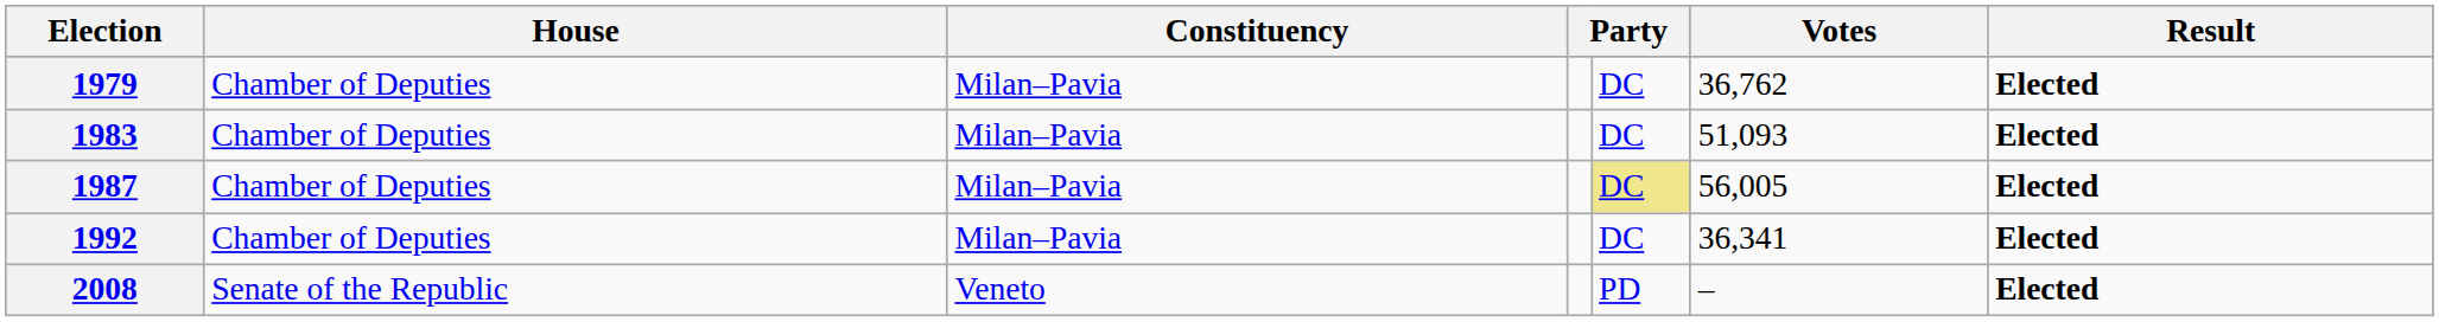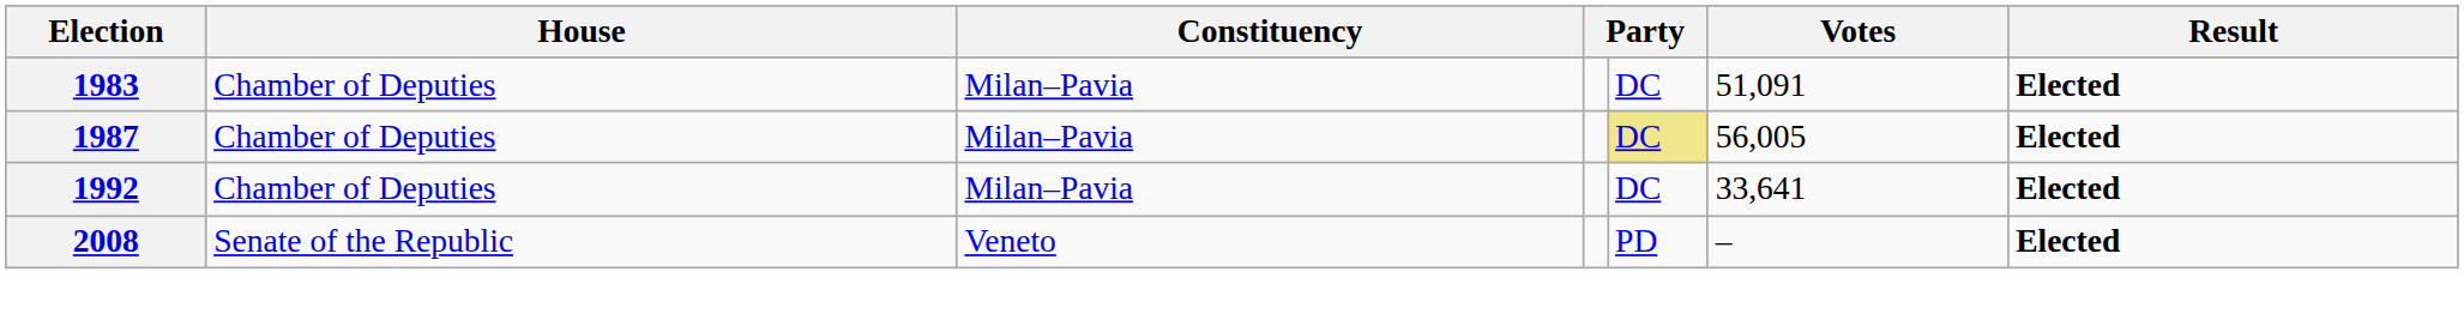 <table class=wikitable style="width:60%; border:1px #AAAAFF solid">
 <tr>
 <th width=8%>Election</th>
 <th width=30%>House</th>
 <th width=25%>Constituency</th>
 <th width=5% colspan="2">Party</th>
 <th width=12%>Votes</th>
 <th width=18%>Result</th>
 </tr>
 <tr>
-<th><a href='#'>1979</a></th>
-<td><a href='#'>Chamber of Deputies</a></td>
-<td><a href='#'>Milan–Pavia</a></td>
-<td></td>
-<td><a href='#'>DC</a></td>
-<td>36,762</td>
-<td> <strong>Elected</strong></td>
-</tr>
-<tr>
 <th><a href='#'>1983</a></th>
 <td><a href='#'>Chamber of Deputies</a></td>
 <td><a href='#'>Milan–Pavia</a></td>
 <td></td>
 <td><a href='#'>DC</a></td>
-<td>51,093</td>
+<td>51,091</td>
 <td> <strong>Elected</strong></td>
 </tr>
 <tr>
 <th><a href='#'>1987</a></th>
 <td><a href='#'>Chamber of Deputies</a></td>
 <td><a href='#'>Milan–Pavia</a></td>
 <td></td>
 <td style="background: khaki;"><a href='#'>DC</a></td>
 <td>56,005</td>
 <td> <strong>Elected</strong></td>
 </tr>
 <tr>
 <th><a href='#'>1992</a></th>
 <td><a href='#'>Chamber of Deputies</a></td>
 <td><a href='#'>Milan–Pavia</a></td>
 <td></td>
 <td><a href='#'>DC</a></td>
-<td>36,341</td>
+<td>33,641</td>
 <td> <strong>Elected</strong></td>
 </tr>
 <tr>
 <th><a href='#'>2008</a></th>
 <td><a href='#'>Senate of the Republic</a></td>
 <td><a href='#'>Veneto</a></td>
 <td></td>
 <td><a href='#'>PD</a></td>
 <td>–</td>
 <td> <strong>Elected</strong></td>
 </tr>
 </table>
